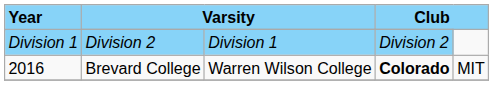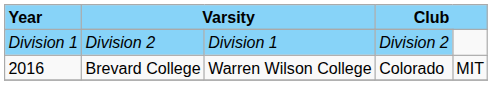 <table class="wikitable" style="font-size:85%;">
 <tr ! style="background-color: #87D3F8;">
 <td rowspan=2><strong>Year</strong></td>
 <td colspan=2 align=center><strong>Varsity</strong></td>
 <td colspan=2 align=center><strong>Club</strong></td>
 </tr>
 <tr --->
 </tr>
 <tr ! style="background-color: #87D3F8;">
 <td><em>Division 1</em></td>
 <td><em>Division 2</em></td>
 <td><em>Division 1</em></td>
 <td><em>Division 2</em></td>
 </tr>
 <tr --->
 <td>2016</td>
 <td>Brevard College</td>
 <td>Warren Wilson College</td>
-<td><strong>Colorado</strong></td>
+<td>Colorado</td>
 <td>MIT</td>
 </tr>
 <tr --->
 </tr>
 </table>
